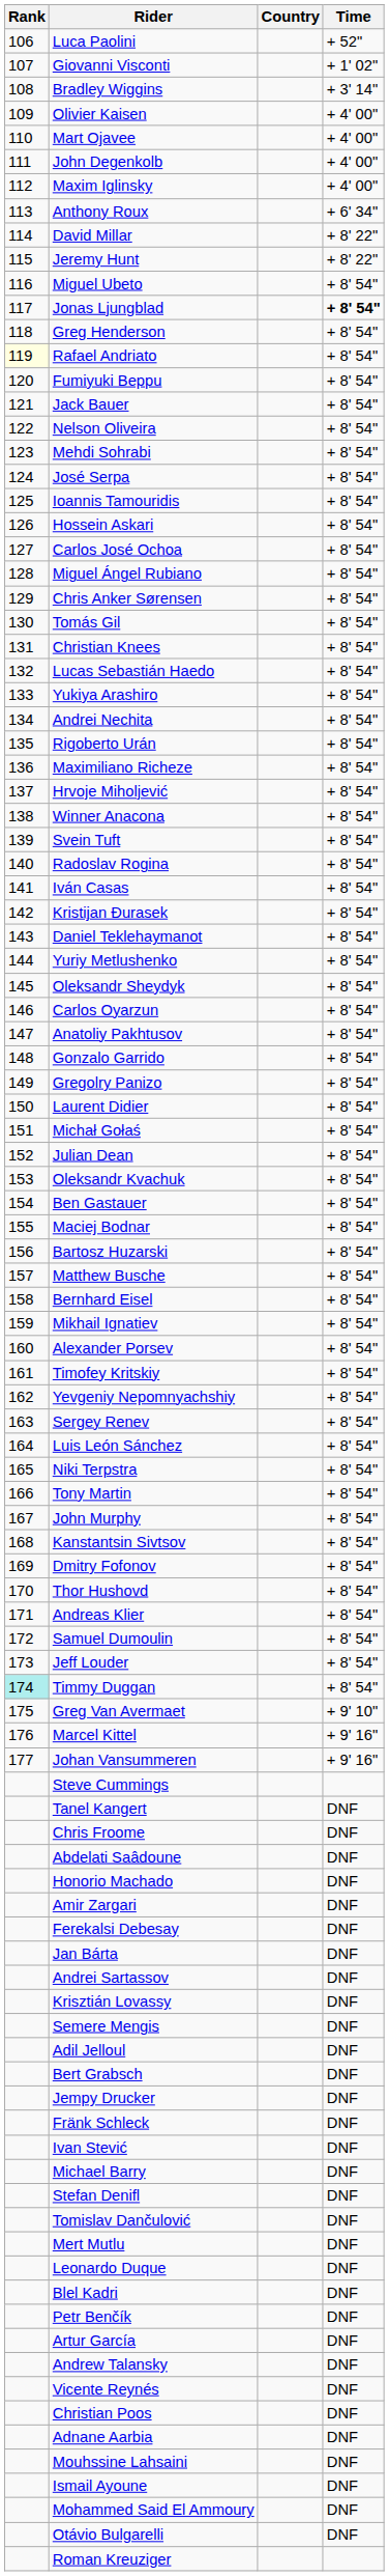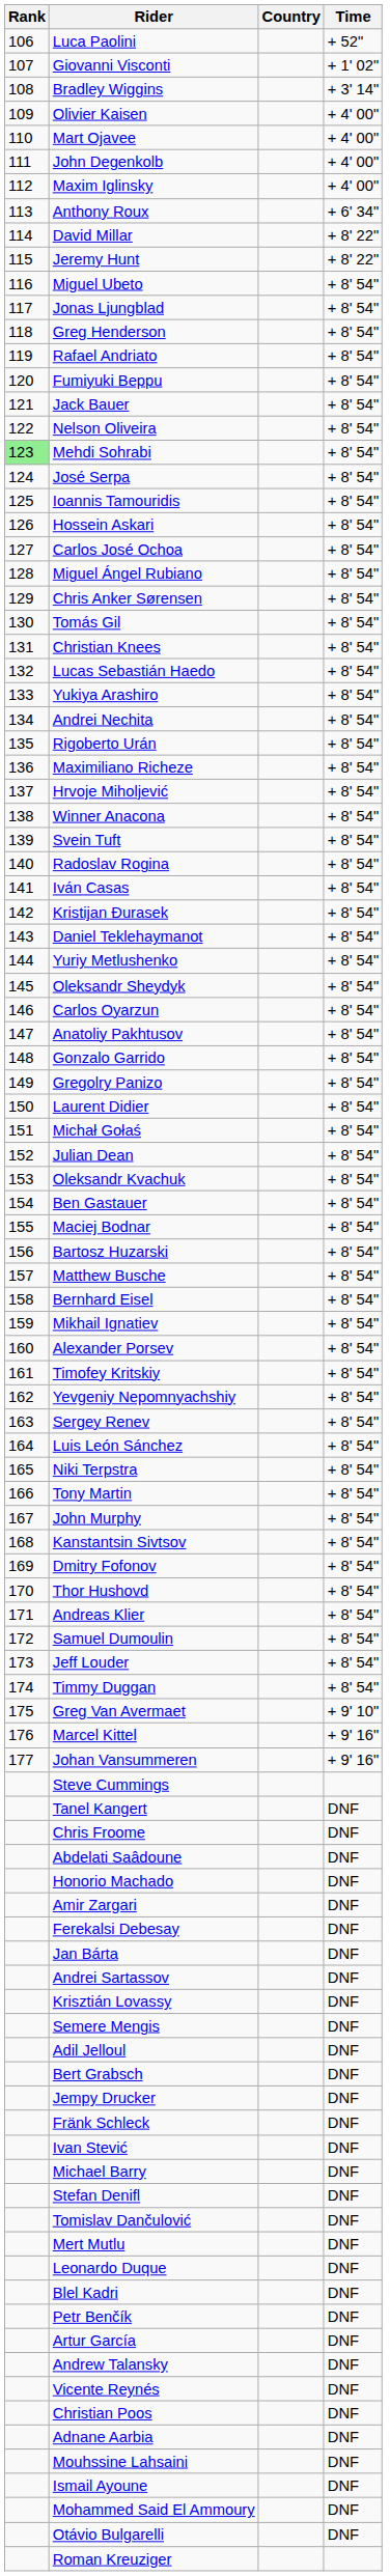 <table class="wikitable" style="font-size:95%; text-align:left;">
 <tr>
 <th>Rank</th>
 <th>Rider</th>
 <th>Country</th>
 <th>Time</th>
 </tr>
 <tr>
 <td>106</td>
 <td><a href='#'>Luca Paolini</a></td>
 <td></td>
 <td>+ 52"</td>
 </tr>
 <tr>
 <td>107</td>
 <td><a href='#'>Giovanni Visconti</a></td>
 <td></td>
 <td>+ 1' 02"</td>
 </tr>
 <tr>
 <td>108</td>
 <td><a href='#'>Bradley Wiggins</a></td>
 <td></td>
 <td>+ 3' 14"</td>
 </tr>
 <tr>
 <td>109</td>
 <td><a href='#'>Olivier Kaisen</a></td>
 <td></td>
 <td>+ 4' 00"</td>
 </tr>
 <tr>
 <td>110</td>
 <td><a href='#'>Mart Ojavee</a></td>
 <td></td>
 <td>+ 4' 00"</td>
 </tr>
 <tr>
 <td>111</td>
 <td><a href='#'>John Degenkolb</a></td>
 <td></td>
 <td>+ 4' 00"</td>
 </tr>
 <tr>
 <td>112</td>
 <td><a href='#'>Maxim Iglinsky</a></td>
 <td></td>
 <td>+ 4' 00"</td>
 </tr>
 <tr>
 <td>113</td>
 <td><a href='#'>Anthony Roux</a></td>
 <td></td>
 <td>+ 6' 34"</td>
 </tr>
 <tr>
 <td>114</td>
 <td><a href='#'>David Millar</a></td>
 <td></td>
 <td>+ 8' 22"</td>
 </tr>
 <tr>
 <td>115</td>
 <td><a href='#'>Jeremy Hunt</a></td>
 <td></td>
 <td>+ 8' 22"</td>
 </tr>
 <tr>
 <td>116</td>
 <td><a href='#'>Miguel Ubeto</a></td>
 <td></td>
 <td>+ 8' 54"</td>
 </tr>
 <tr>
 <td>117</td>
 <td><a href='#'>Jonas Ljungblad</a></td>
 <td></td>
-<td><strong>+ 8' 54"</strong></td>
+<td>+ 8' 54"</td>
 </tr>
 <tr>
 <td>118</td>
 <td><a href='#'>Greg Henderson</a></td>
 <td></td>
 <td>+ 8' 54"</td>
 </tr>
 <tr>
-<td style="background: lightyellow;">119</td>
+<td>119</td>
 <td><a href='#'>Rafael Andriato</a></td>
 <td></td>
 <td>+ 8' 54"</td>
 </tr>
 <tr>
 <td>120</td>
 <td><a href='#'>Fumiyuki Beppu</a></td>
 <td></td>
 <td>+ 8' 54"</td>
 </tr>
 <tr>
 <td>121</td>
 <td><a href='#'>Jack Bauer</a></td>
 <td></td>
 <td>+ 8' 54"</td>
 </tr>
 <tr>
 <td>122</td>
 <td><a href='#'>Nelson Oliveira</a></td>
 <td></td>
 <td>+ 8' 54"</td>
 </tr>
 <tr>
-<td>123</td>
+<td style="background: lightgreen;">123</td>
 <td><a href='#'>Mehdi Sohrabi</a></td>
 <td></td>
 <td>+ 8' 54"</td>
 </tr>
 <tr>
 <td>124</td>
 <td><a href='#'>José Serpa</a></td>
 <td></td>
 <td>+ 8' 54"</td>
 </tr>
 <tr>
 <td>125</td>
 <td><a href='#'>Ioannis Tamouridis</a></td>
 <td></td>
 <td>+ 8' 54"</td>
 </tr>
 <tr>
 <td>126</td>
 <td><a href='#'>Hossein Askari</a></td>
 <td></td>
 <td>+ 8' 54"</td>
 </tr>
 <tr>
 <td>127</td>
 <td><a href='#'>Carlos José Ochoa</a></td>
 <td></td>
 <td>+ 8' 54"</td>
 </tr>
 <tr>
 <td>128</td>
 <td><a href='#'>Miguel Ángel Rubiano</a></td>
 <td></td>
 <td>+ 8' 54"</td>
 </tr>
 <tr>
 <td>129</td>
 <td><a href='#'>Chris Anker Sørensen</a></td>
 <td></td>
 <td>+ 8' 54"</td>
 </tr>
 <tr>
 <td>130</td>
 <td><a href='#'>Tomás Gil</a></td>
 <td></td>
 <td>+ 8' 54"</td>
 </tr>
 <tr>
 <td>131</td>
 <td><a href='#'>Christian Knees</a></td>
 <td></td>
 <td>+ 8' 54"</td>
 </tr>
 <tr>
 <td>132</td>
 <td><a href='#'>Lucas Sebastián Haedo</a></td>
 <td></td>
 <td>+ 8' 54"</td>
 </tr>
 <tr>
 <td>133</td>
 <td><a href='#'>Yukiya Arashiro</a></td>
 <td></td>
 <td>+ 8' 54"</td>
 </tr>
 <tr>
 <td>134</td>
 <td><a href='#'>Andrei Nechita</a></td>
 <td></td>
 <td>+ 8' 54"</td>
 </tr>
 <tr>
 <td>135</td>
 <td><a href='#'>Rigoberto Urán</a></td>
 <td></td>
 <td>+ 8' 54"</td>
 </tr>
 <tr>
 <td>136</td>
 <td><a href='#'>Maximiliano Richeze</a></td>
 <td></td>
 <td>+ 8' 54"</td>
 </tr>
 <tr>
 <td>137</td>
 <td><a href='#'>Hrvoje Miholjević</a></td>
 <td></td>
 <td>+ 8' 54"</td>
 </tr>
 <tr>
 <td>138</td>
 <td><a href='#'>Winner Anacona</a></td>
 <td></td>
 <td>+ 8' 54"</td>
 </tr>
 <tr>
 <td>139</td>
 <td><a href='#'>Svein Tuft</a></td>
 <td></td>
 <td>+ 8' 54"</td>
 </tr>
 <tr>
 <td>140</td>
 <td><a href='#'>Radoslav Rogina</a></td>
 <td></td>
 <td>+ 8' 54"</td>
 </tr>
 <tr>
 <td>141</td>
 <td><a href='#'>Iván Casas</a></td>
 <td></td>
 <td>+ 8' 54"</td>
 </tr>
 <tr>
 <td>142</td>
 <td><a href='#'>Kristijan Đurasek</a></td>
 <td></td>
 <td>+ 8' 54"</td>
 </tr>
 <tr>
 <td>143</td>
 <td><a href='#'>Daniel Teklehaymanot</a></td>
 <td></td>
 <td>+ 8' 54"</td>
 </tr>
 <tr>
 <td>144</td>
 <td><a href='#'>Yuriy Metlushenko</a></td>
 <td></td>
 <td>+ 8' 54"</td>
 </tr>
 <tr>
 <td>145</td>
 <td><a href='#'>Oleksandr Sheydyk</a></td>
 <td></td>
 <td>+ 8' 54"</td>
 </tr>
 <tr>
 <td>146</td>
 <td><a href='#'>Carlos Oyarzun</a></td>
 <td></td>
 <td>+ 8' 54"</td>
 </tr>
 <tr>
 <td>147</td>
 <td><a href='#'>Anatoliy Pakhtusov</a></td>
 <td></td>
 <td>+ 8' 54"</td>
 </tr>
 <tr>
 <td>148</td>
 <td><a href='#'>Gonzalo Garrido</a></td>
 <td></td>
 <td>+ 8' 54"</td>
 </tr>
 <tr>
 <td>149</td>
 <td><a href='#'>Gregolry Panizo</a></td>
 <td></td>
 <td>+ 8' 54"</td>
 </tr>
 <tr>
 <td>150</td>
 <td><a href='#'>Laurent Didier</a></td>
 <td></td>
 <td>+ 8' 54"</td>
 </tr>
 <tr>
 <td>151</td>
 <td><a href='#'>Michał Gołaś</a></td>
 <td></td>
 <td>+ 8' 54"</td>
 </tr>
 <tr>
 <td>152</td>
 <td><a href='#'>Julian Dean</a></td>
 <td></td>
 <td>+ 8' 54"</td>
 </tr>
 <tr>
 <td>153</td>
 <td><a href='#'>Oleksandr Kvachuk</a></td>
 <td></td>
 <td>+ 8' 54"</td>
 </tr>
 <tr>
 <td>154</td>
 <td><a href='#'>Ben Gastauer</a></td>
 <td></td>
 <td>+ 8' 54"</td>
 </tr>
 <tr>
 <td>155</td>
 <td><a href='#'>Maciej Bodnar</a></td>
 <td></td>
 <td>+ 8' 54"</td>
 </tr>
 <tr>
 <td>156</td>
 <td><a href='#'>Bartosz Huzarski</a></td>
 <td></td>
 <td>+ 8' 54"</td>
 </tr>
 <tr>
 <td>157</td>
 <td><a href='#'>Matthew Busche</a></td>
 <td></td>
 <td>+ 8' 54"</td>
 </tr>
 <tr>
 <td>158</td>
 <td><a href='#'>Bernhard Eisel</a></td>
 <td></td>
 <td>+ 8' 54"</td>
 </tr>
 <tr>
 <td>159</td>
 <td><a href='#'>Mikhail Ignatiev</a></td>
 <td></td>
 <td>+ 8' 54"</td>
 </tr>
 <tr>
 <td>160</td>
 <td><a href='#'>Alexander Porsev</a></td>
 <td></td>
 <td>+ 8' 54"</td>
 </tr>
 <tr>
 <td>161</td>
 <td><a href='#'>Timofey Kritskiy</a></td>
 <td></td>
 <td>+ 8' 54"</td>
 </tr>
 <tr>
 <td>162</td>
 <td><a href='#'>Yevgeniy Nepomnyachshiy</a></td>
 <td></td>
 <td>+ 8' 54"</td>
 </tr>
 <tr>
 <td>163</td>
 <td><a href='#'>Sergey Renev</a></td>
 <td></td>
 <td>+ 8' 54"</td>
 </tr>
 <tr>
 <td>164</td>
 <td><a href='#'>Luis León Sánchez</a></td>
 <td></td>
 <td>+ 8' 54"</td>
 </tr>
 <tr>
 <td>165</td>
 <td><a href='#'>Niki Terpstra</a></td>
 <td></td>
 <td>+ 8' 54"</td>
 </tr>
 <tr>
 <td>166</td>
 <td><a href='#'>Tony Martin</a></td>
 <td></td>
 <td>+ 8' 54"</td>
 </tr>
 <tr>
 <td>167</td>
 <td><a href='#'>John Murphy</a></td>
 <td></td>
 <td>+ 8' 54"</td>
 </tr>
 <tr>
 <td>168</td>
 <td><a href='#'>Kanstantsin Sivtsov</a></td>
 <td></td>
 <td>+ 8' 54"</td>
 </tr>
 <tr>
 <td>169</td>
 <td><a href='#'>Dmitry Fofonov</a></td>
 <td></td>
 <td>+ 8' 54"</td>
 </tr>
 <tr>
 <td>170</td>
 <td><a href='#'>Thor Hushovd</a></td>
 <td></td>
 <td>+ 8' 54"</td>
 </tr>
 <tr>
 <td>171</td>
 <td><a href='#'>Andreas Klier</a></td>
 <td></td>
 <td>+ 8' 54"</td>
 </tr>
 <tr>
 <td>172</td>
 <td><a href='#'>Samuel Dumoulin</a></td>
 <td></td>
 <td>+ 8' 54"</td>
 </tr>
 <tr>
 <td>173</td>
 <td><a href='#'>Jeff Louder</a></td>
 <td></td>
 <td>+ 8' 54"</td>
 </tr>
 <tr>
-<td style="background: paleturquoise;">174</td>
+<td>174</td>
 <td><a href='#'>Timmy Duggan</a></td>
 <td></td>
 <td>+ 8' 54"</td>
 </tr>
 <tr>
 <td>175</td>
 <td><a href='#'>Greg Van Avermaet</a></td>
 <td></td>
 <td>+ 9' 10"</td>
 </tr>
 <tr>
 <td>176</td>
 <td><a href='#'>Marcel Kittel</a></td>
 <td></td>
 <td>+ 9' 16"</td>
 </tr>
 <tr>
 <td>177</td>
 <td><a href='#'>Johan Vansummeren</a></td>
 <td></td>
 <td>+ 9' 16"</td>
 </tr>
 <tr>
 <td></td>
 <td><a href='#'>Steve Cummings</a></td>
 <td></td>
 <td></td>
 </tr>
 <tr>
 <td></td>
 <td><a href='#'>Tanel Kangert</a></td>
 <td></td>
 <td>DNF</td>
 </tr>
 <tr>
 <td></td>
 <td><a href='#'>Chris Froome</a></td>
 <td></td>
 <td>DNF</td>
 </tr>
 <tr>
 <td></td>
 <td><a href='#'>Abdelati Saâdoune</a></td>
 <td></td>
 <td>DNF</td>
 </tr>
 <tr>
 <td></td>
 <td><a href='#'>Honorio Machado</a></td>
 <td></td>
 <td>DNF</td>
 </tr>
 <tr>
 <td></td>
 <td><a href='#'>Amir Zargari</a></td>
 <td></td>
 <td>DNF</td>
 </tr>
 <tr>
 <td></td>
 <td><a href='#'>Ferekalsi Debesay</a></td>
 <td></td>
 <td>DNF</td>
 </tr>
 <tr>
 <td></td>
 <td><a href='#'>Jan Bárta</a></td>
 <td></td>
 <td>DNF</td>
 </tr>
 <tr>
 <td></td>
 <td><a href='#'>Andrei Sartassov</a></td>
 <td></td>
 <td>DNF</td>
 </tr>
 <tr>
 <td></td>
 <td><a href='#'>Krisztián Lovassy</a></td>
 <td></td>
 <td>DNF</td>
 </tr>
 <tr>
 <td></td>
 <td><a href='#'>Semere Mengis</a></td>
 <td></td>
 <td>DNF</td>
 </tr>
 <tr>
 <td></td>
 <td><a href='#'>Adil Jelloul</a></td>
 <td></td>
 <td>DNF</td>
 </tr>
 <tr>
 <td></td>
 <td><a href='#'>Bert Grabsch</a></td>
 <td></td>
 <td>DNF</td>
 </tr>
 <tr>
 <td></td>
 <td><a href='#'>Jempy Drucker</a></td>
 <td></td>
 <td>DNF</td>
 </tr>
 <tr>
 <td></td>
 <td><a href='#'>Fränk Schleck</a></td>
 <td></td>
 <td>DNF</td>
 </tr>
 <tr>
 <td></td>
 <td><a href='#'>Ivan Stević</a></td>
 <td></td>
 <td>DNF</td>
 </tr>
 <tr>
 <td></td>
 <td><a href='#'>Michael Barry</a></td>
 <td></td>
 <td>DNF</td>
 </tr>
 <tr>
 <td></td>
 <td><a href='#'>Stefan Denifl</a></td>
 <td></td>
 <td>DNF</td>
 </tr>
 <tr>
 <td></td>
 <td><a href='#'>Tomislav Dančulović</a></td>
 <td></td>
 <td>DNF</td>
 </tr>
 <tr>
 <td></td>
 <td><a href='#'>Mert Mutlu</a></td>
 <td></td>
 <td>DNF</td>
 </tr>
 <tr>
 <td></td>
 <td><a href='#'>Leonardo Duque</a></td>
 <td></td>
 <td>DNF</td>
 </tr>
 <tr>
 <td></td>
 <td><a href='#'>Blel Kadri</a></td>
 <td></td>
 <td>DNF</td>
 </tr>
 <tr>
 <td></td>
 <td><a href='#'>Petr Benčík</a></td>
 <td></td>
 <td>DNF</td>
 </tr>
 <tr>
 <td></td>
 <td><a href='#'>Artur García</a></td>
 <td></td>
 <td>DNF</td>
 </tr>
 <tr>
 <td></td>
 <td><a href='#'>Andrew Talansky</a></td>
 <td></td>
 <td>DNF</td>
 </tr>
 <tr>
 <td></td>
 <td><a href='#'>Vicente Reynés</a></td>
 <td></td>
 <td>DNF</td>
 </tr>
 <tr>
 <td></td>
 <td><a href='#'>Christian Poos</a></td>
 <td></td>
 <td>DNF</td>
 </tr>
 <tr>
 <td></td>
 <td><a href='#'>Adnane Aarbia</a></td>
 <td></td>
 <td>DNF</td>
 </tr>
 <tr>
 <td></td>
 <td><a href='#'>Mouhssine Lahsaini</a></td>
 <td></td>
 <td>DNF</td>
 </tr>
 <tr>
 <td></td>
 <td><a href='#'>Ismail Ayoune</a></td>
 <td></td>
 <td>DNF</td>
 </tr>
 <tr>
 <td></td>
 <td><a href='#'>Mohammed Said El Ammoury</a></td>
 <td></td>
 <td>DNF</td>
 </tr>
 <tr>
 <td></td>
 <td><a href='#'>Otávio Bulgarelli</a></td>
 <td></td>
 <td>DNF</td>
 </tr>
 <tr>
 <td></td>
 <td><a href='#'>Roman Kreuziger</a></td>
 <td></td>
 <td></td>
 </tr>
 </table>
